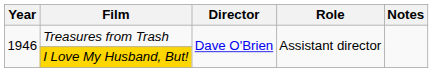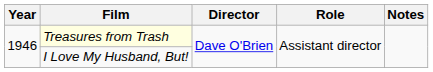 <table class="wikitable">
 <tr>
 <th>Year</th>
 <th>Film</th>
 <th>Director</th>
 <th>Role</th>
 <th>Notes</th>
 </tr>
 <tr>
 <td rowspan=2>1946</td>
-<td><em>Treasures from Trash</em></td>
+<td style="background: lightyellow;"><em>Treasures from Trash</em></td>
 <td rowspan=2><a href='#'>Dave O'Brien</a></td>
 <td rowspan=2>Assistant director</td>
 <td rowspan=2><small></small></td>
 </tr>
 <tr>
-<td style="background: gold;"><em>I Love My Husband, But!</em></td>
+<td><em>I Love My Husband, But!</em></td>
 </tr>
 </table>
